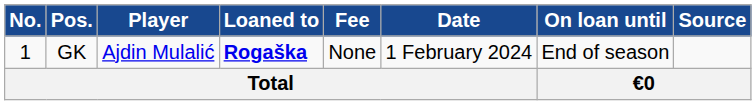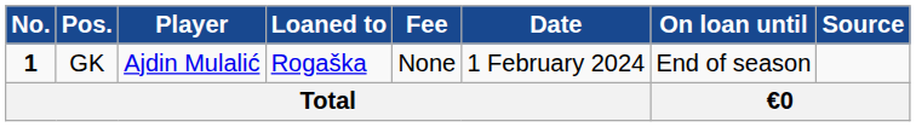 <table class="wikitable plainrowheaders sortable">
 <tr>
 <th style="background:#18488f; color:#FFFFFF; ">No.</th>
 <th style="background:#18488f; color:#FFFFFF; ">Pos.</th>
 <th style="background:#18488f; color:#FFFFFF; ">Player</th>
 <th style="background:#18488f; color:#FFFFFF; ">Loaned to</th>
 <th style="background:#18488f; color:#FFFFFF; ">Fee</th>
 <th style="background:#18488f; color:#FFFFFF; ">Date</th>
 <th style="background:#18488f; color:#FFFFFF; ">On loan until</th>
 <th style="background:#18488f; color:#FFFFFF; ">Source</th>
 </tr>
 <tr>
-<td align=center>1</td>
+<td align=center><strong>1</strong></td>
 <td align=center>GK</td>
 <td> <a href='#'>Ajdin Mulalić</a></td>
-<td><strong> <a href='#'>Rogaška</a></strong></td>
+<td> <a href='#'>Rogaška</a></td>
 <td>None</td>
 <td>1 February 2024</td>
 <td>End of season</td>
 <td align=center></td>
 </tr>
 <tr>
 <th colspan="6">Total</th>
 <th colspan="2">€0</th>
 </tr>
 </table>
